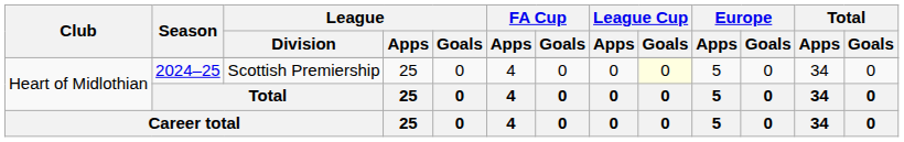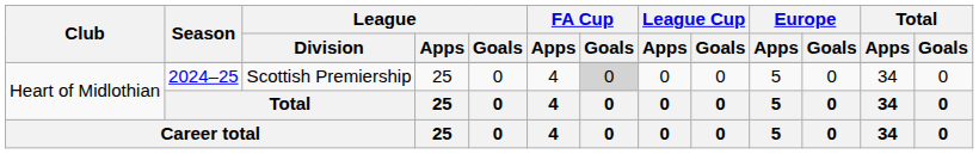 <table class="wikitable" style="text-align: center">
 <tr>
 <th rowspan="2">Club</th>
 <th rowspan="2">Season</th>
 <th colspan="3">League</th>
 <th colspan="2"><a href='#'>FA Cup</a></th>
 <th colspan="2"><a href='#'>League Cup</a></th>
 <th colspan="2"><a href='#'>Europe</a></th>
 <th colspan="2">Total</th>
 </tr>
 <tr>
 <th>Division</th>
 <th>Apps</th>
 <th>Goals</th>
 <th>Apps</th>
 <th>Goals</th>
 <th>Apps</th>
 <th>Goals</th>
 <th>Apps</th>
 <th>Goals</th>
 <th>Apps</th>
 <th>Goals</th>
 </tr>
 <tr>
 <td rowspan="3">Heart of Midlothian</td>
 </tr>
 <tr>
 <td><a href='#'>2024–25</a></td>
 <td>Scottish Premiership</td>
 <td>25</td>
 <td>0</td>
 <td>4</td>
+<td style="background: lightgrey;">0</td>
 <td>0</td>
 <td>0</td>
-<td style="background: lightyellow;">0</td>
 <td>5</td>
 <td>0</td>
 <td>34</td>
 <td>0</td>
 </tr>
 <tr>
 <th colspan="2">Total</th>
 <th>25</th>
 <th>0</th>
 <th>4</th>
 <th>0</th>
 <th>0</th>
 <th>0</th>
 <th>5</th>
 <th>0</th>
 <th>34</th>
 <th>0</th>
 </tr>
 <tr>
 <th colspan="3">Career total</th>
 <th>25</th>
 <th>0</th>
 <th>4</th>
 <th>0</th>
 <th>0</th>
 <th>0</th>
 <th>5</th>
 <th>0</th>
 <th>34</th>
 <th>0</th>
 </tr>
 </table>
